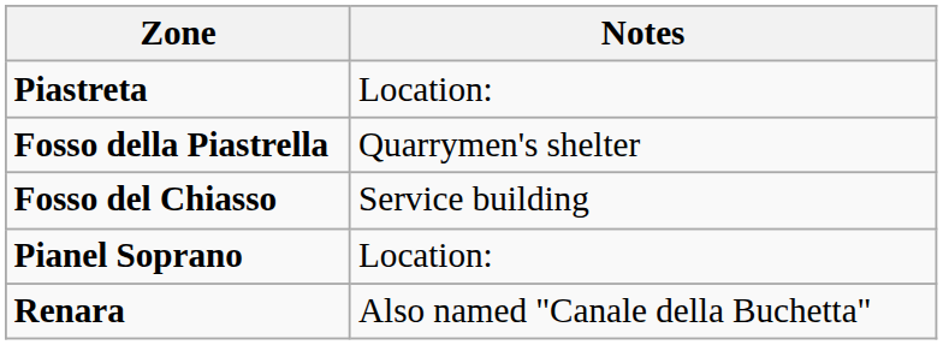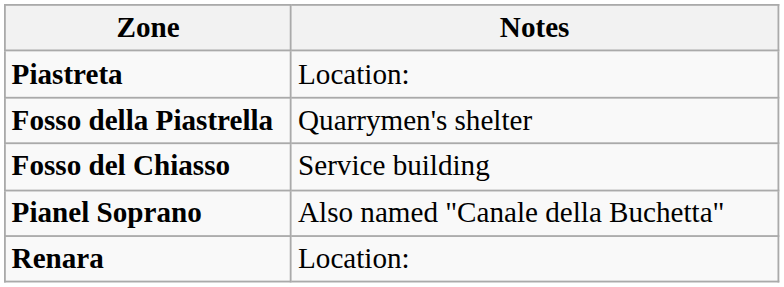 <table class="wikitable sortable">
 <tr>
 <th width="150px">Zone</th>
 <th width="260px">Notes</th>
 </tr>
 <tr>
 <td><strong>Piastreta</strong></td>
 <td>Location: </td>
 </tr>
 <tr>
 <td><strong>Fosso della Piastrella</strong></td>
 <td>Quarrymen's shelter</td>
 </tr>
 <tr>
 <td><strong>Fosso del Chiasso</strong></td>
 <td>Service building</td>
 </tr>
 <tr>
 <td><strong>Pianel Soprano</strong></td>
-<td>Location: </td>
+<td>Also named "Canale della Buchetta"</td>
 </tr>
 <tr>
 <td><strong>Renara</strong></td>
-<td>Also named "Canale della Buchetta"</td>
+<td>Location: </td>
 </tr>
 </table>
